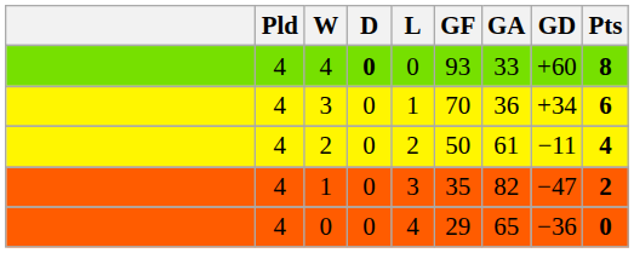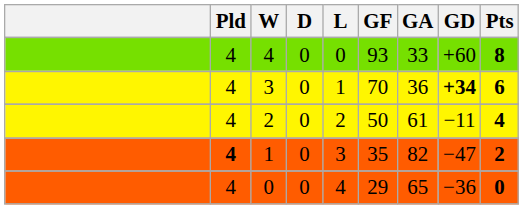 <table class="wikitable" style="text-align:center;">
 <tr>
 <th width=150></th>
 <th width=20>Pld</th>
 <th width=20>W</th>
 <th width=20>D</th>
 <th width=20>L</th>
 <th width=20>GF</th>
 <th width=20>GA</th>
 <th width=20>GD</th>
 <th width=20>Pts</th>
 </tr>
 <tr>
 </tr>
 <tr bgcolor=#76ee00|>
 <td align="left"></td>
 <td>4</td>
 <td>4</td>
-<td><strong>0</strong></td>
+<td>0</td>
 <td>0</td>
 <td>93</td>
 <td>33</td>
 <td>+60</td>
 <td><strong>8</strong></td>
 </tr>
 <tr>
 </tr>
 <tr bgcolor=#ffff66|>
 <td align="left"></td>
 <td>4</td>
 <td>3</td>
 <td>0</td>
 <td>1</td>
 <td>70</td>
 <td>36</td>
-<td>+34</td>
+<td><strong>+34</strong></td>
 <td><strong>6</strong></td>
 </tr>
 <tr>
 </tr>
 <tr bgcolor=#ffff66|>
 <td align="left"></td>
 <td>4</td>
 <td>2</td>
 <td>0</td>
 <td>2</td>
 <td>50</td>
 <td>61</td>
 <td>−11</td>
 <td><strong>4</strong></td>
 </tr>
 <tr>
 </tr>
 <tr bgcolor=#ffc5c5|>
 <td align="left"></td>
-<td>4</td>
+<td><strong>4</strong></td>
 <td>1</td>
 <td>0</td>
 <td>3</td>
 <td>35</td>
 <td>82</td>
 <td>−47</td>
 <td><strong>2</strong></td>
 </tr>
 <tr>
 </tr>
 <tr bgcolor=#ffc5c5|>
 <td align="left"></td>
 <td>4</td>
 <td>0</td>
 <td>0</td>
 <td>4</td>
 <td>29</td>
 <td>65</td>
 <td>−36</td>
 <td><strong>0</strong></td>
 </tr>
 </table>
